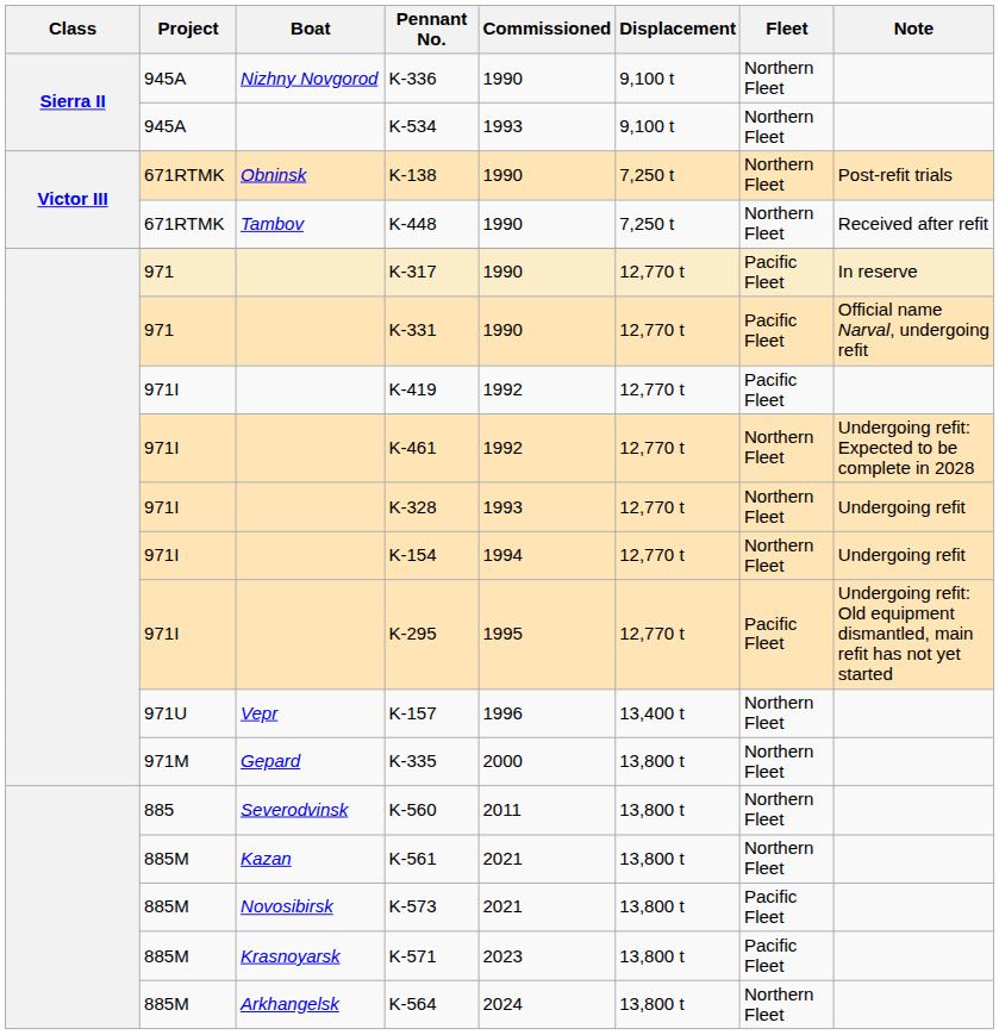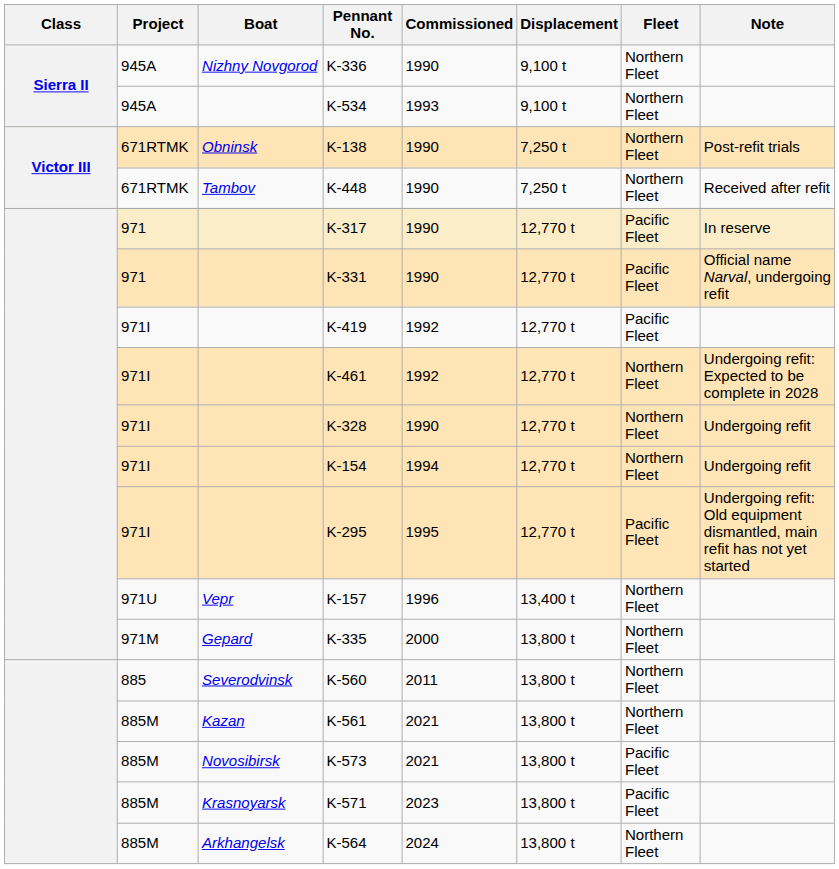 <table class="wikitable sortable" style="margin:auto; width:100%;">
 <tr>
 <th style="text-align:center; width:16%;">Class</th>
 <th style="text-align:center; width:10%;">Project</th>
 <th style="text-align:center; width:16%;">Boat</th>
 <th style="text-align:center; width:10%;">Pennant No.</th>
 <th style="text-align:center; width:10%;">Commissioned</th>
 <th style="text-align:center; width:10%;">Displacement</th>
 <th style="text-align:center; width:10%;">Fleet</th>
 <th style="text-align:center; width:18%;">Note</th>
 </tr>
 <tr>
 <th rowspan="2"><a href='#'>Sierra II</a></th>
 <td>945A</td>
 <td><a href='#'><em>Nizhny Novgorod</em></a></td>
 <td>K-336</td>
 <td>1990</td>
 <td>9,100 t</td>
 <td>Northern Fleet</td>
 <td></td>
 </tr>
 <tr>
 <td>945A</td>
 <td></td>
 <td>K-534</td>
 <td>1993</td>
 <td>9,100 t</td>
 <td>Northern Fleet</td>
 <td></td>
 </tr>
 <tr style="background: #FFE4B5">
 <th rowspan="2"><a href='#'>Victor III</a></th>
 <td>671RTMK</td>
 <td><a href='#'><em>Obninsk</em></a></td>
 <td>K-138</td>
 <td>1990</td>
 <td>7,250 t</td>
 <td>Northern Fleet</td>
 <td>Post-refit trials</td>
 </tr>
 <tr>
 <td>671RTMK</td>
 <td><a href='#'><em>Tambov</em></a></td>
 <td>K-448</td>
 <td>1990</td>
 <td>7,250 t</td>
 <td>Northern Fleet</td>
 <td>Received after refit</td>
 </tr>
 <tr style="background: #FFE4B5">
 <th rowspan="10"></th>
 </tr>
 <tr style="background: #FAEDC8">
 <td>971</td>
 <td></td>
 <td>K-317</td>
 <td>1990</td>
 <td>12,770 t</td>
 <td>Pacific Fleet</td>
 <td>In reserve</td>
 </tr>
 <tr style="background: #FFE4B5">
 <td>971</td>
 <td></td>
 <td>K-331</td>
 <td>1990</td>
 <td>12,770 t</td>
 <td>Pacific Fleet</td>
 <td>Official name <em>Narval</em>, undergoing refit</td>
 </tr>
 <tr>
 <td>971I</td>
 <td></td>
 <td>K-419</td>
 <td>1992</td>
 <td>12,770 t</td>
 <td>Pacific Fleet</td>
 <td></td>
 </tr>
 <tr style="background: #FFE4B5">
 <td>971I</td>
 <td></td>
 <td>K-461</td>
 <td>1992</td>
 <td>12,770 t</td>
 <td>Northern Fleet</td>
 <td> Undergoing refit: Expected to be complete in 2028</td>
 </tr>
 <tr style="background: #FFE4B5">
 <td>971I</td>
 <td></td>
 <td>K-328</td>
-<td>1993</td>
+<td>1990</td>
 <td>12,770 t</td>
 <td>Northern Fleet</td>
 <td> Undergoing refit</td>
 </tr>
 <tr style="background: #FFE4B5">
 <td>971I</td>
 <td></td>
 <td>K-154</td>
 <td>1994</td>
 <td>12,770 t</td>
 <td>Northern Fleet</td>
 <td>Undergoing refit</td>
 </tr>
 <tr style="background: #FFE4B5">
 <td>971I</td>
 <td></td>
 <td>K-295</td>
 <td>1995</td>
 <td>12,770 t</td>
 <td>Pacific Fleet</td>
 <td> Undergoing refit: Old equipment dismantled, main refit has not yet started</td>
 </tr>
 <tr>
 <td>971U</td>
 <td><a href='#'><em>Vepr</em></a></td>
 <td>K-157</td>
 <td>1996</td>
 <td>13,400 t</td>
 <td>Northern Fleet</td>
 <td></td>
 </tr>
 <tr>
 <td>971M</td>
 <td><a href='#'><em>Gepard</em></a></td>
 <td>K-335</td>
 <td>2000</td>
 <td>13,800 t</td>
 <td>Northern Fleet</td>
 <td></td>
 </tr>
 <tr>
 <th rowspan="5"></th>
 <td>885</td>
 <td><a href='#'><em>Severodvinsk</em></a></td>
 <td>K-560</td>
 <td>2011</td>
 <td>13,800 t</td>
 <td>Northern Fleet</td>
 <td></td>
 </tr>
 <tr>
 <td>885M</td>
 <td><a href='#'><em>Kazan</em></a></td>
 <td>K-561</td>
 <td>2021</td>
 <td>13,800 t</td>
 <td>Northern Fleet</td>
 <td></td>
 </tr>
 <tr>
 <td>885M</td>
 <td><a href='#'><em>Novosibirsk</em></a></td>
 <td>K-573</td>
 <td>2021</td>
 <td>13,800 t</td>
 <td>Pacific Fleet</td>
 <td></td>
 </tr>
 <tr>
 <td>885M</td>
 <td><a href='#'><em>Krasnoyarsk</em></a></td>
 <td>K-571</td>
 <td>2023</td>
 <td>13,800 t</td>
 <td>Pacific Fleet</td>
 <td></td>
 </tr>
 <tr>
 <td>885M</td>
 <td><a href='#'><em>Arkhangelsk</em></a></td>
 <td>K-564</td>
 <td>2024</td>
 <td>13,800 t</td>
 <td>Northern Fleet</td>
 <td></td>
 </tr>
 </table>
